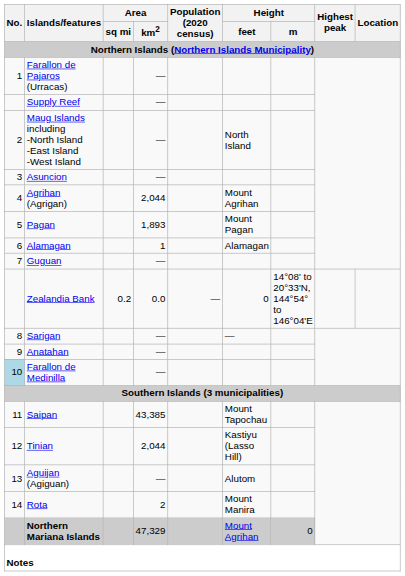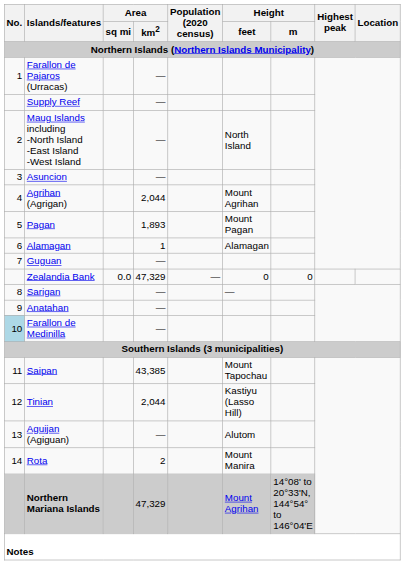 <table class="wikitable">
 <tr>
 <th rowspan="2">No.</th>
 <th rowspan="2">Islands/features</th>
 <th colspan="2">Area</th>
 <th rowspan="2">Population<br>(2020<br>census)</th>
 <th colspan="2">Height</th>
 <th rowspan="2">Highest peak</th>
 <th rowspan="2">Location</th>
 </tr>
 <tr>
 <th>sq mi</th>
 <th>km<sup>2</sup></th>
 <th>feet</th>
 <th>m</th>
 </tr>
 <tr>
 <td colspan="9" style="text-align:center; background:#ccc;"><strong>Northern Islands (<a href='#'>Northern Islands Municipality</a>)</strong></td>
 </tr>
 <tr>
 <td style="text-align:right;">1</td>
 <td><a href='#'>Farallon de Pajaros</a> (Urracas)</td>
 <td></td>
 <td style="text-align:right;">—</td>
 <td></td>
 <td></td>
 <td></td>
 </tr>
 <tr>
 <td style="text-align:right;"></td>
 <td><a href='#'>Supply Reef</a></td>
 <td></td>
 <td style="text-align:right;">—</td>
 <td></td>
 <td></td>
 <td></td>
 </tr>
 <tr>
 <td style="text-align:right;">2</td>
 <td><a href='#'>Maug Islands</a> including<br>-North Island<br>-East Island<br>-West Island</td>
 <td></td>
 <td style="text-align:right;">—</td>
 <td></td>
 <td>North Island</td>
 <td></td>
 </tr>
 <tr>
 <td style="text-align:right;">3</td>
 <td><a href='#'>Asuncion</a></td>
 <td></td>
 <td style="text-align:right;">—</td>
 <td></td>
 <td></td>
 <td></td>
 </tr>
 <tr>
 <td style="text-align:right;">4</td>
 <td><a href='#'>Agrihan</a> (Agrigan)</td>
 <td></td>
 <td style="text-align:right;">2,044</td>
 <td></td>
 <td>Mount Agrihan</td>
 <td></td>
 </tr>
 <tr>
 <td style="text-align:right;">5</td>
 <td><a href='#'>Pagan</a></td>
 <td></td>
 <td style="text-align:right;">1,893</td>
 <td></td>
 <td>Mount Pagan</td>
 <td></td>
 </tr>
 <tr>
 <td style="text-align:right;">6</td>
 <td><a href='#'>Alamagan</a></td>
 <td></td>
 <td style="text-align:right;">1</td>
 <td></td>
 <td>Alamagan</td>
 <td></td>
 </tr>
 <tr>
 <td style="text-align:right;">7</td>
 <td><a href='#'>Guguan</a></td>
 <td></td>
 <td style="text-align:right;">—</td>
 <td></td>
 <td></td>
 <td></td>
 </tr>
 <tr>
 <td style="text-align:right;"></td>
 <td><a href='#'>Zealandia Bank</a></td>
-<td style="text-align:right;">0.2</td>
-<td align="right">0.0</td>
+<td style="text-align:right;">0.0</td>
+<td style="text-align:right;">47,329</td>
 <td align="right">—</td>
 <td align="right">0</td>
-<td>14°08' to 20°33'N,<br>144°54° to 146°04'E</td>
+<td align="right">0</td>
 <td></td>
 <td></td>
 </tr>
 <tr>
 <td style="text-align:right;">8</td>
 <td><a href='#'>Sarigan</a></td>
 <td></td>
 <td style="text-align:right;">—</td>
 <td></td>
 <td>—</td>
 <td></td>
 </tr>
 <tr>
 <td style="text-align:right;">9</td>
 <td><a href='#'>Anatahan</a></td>
 <td></td>
 <td style="text-align:right;">—</td>
 <td></td>
 <td></td>
 <td></td>
 </tr>
 <tr>
 <td style="background: lightblue; text-align:right;">10</td>
 <td><a href='#'>Farallon de Medinilla</a></td>
 <td></td>
 <td style="text-align:right;">—</td>
 <td></td>
 <td></td>
 <td></td>
 </tr>
 <tr>
 <td colspan="9" style="text-align:center; background:#ccc;"><strong>Southern Islands (3 municipalities)</strong></td>
 </tr>
 <tr>
 <td style="text-align:right;">11</td>
 <td><a href='#'>Saipan</a></td>
 <td></td>
 <td style="text-align:right;">43,385</td>
 <td></td>
 <td>Mount Tapochau</td>
 <td></td>
 </tr>
 <tr>
 <td style="text-align:right;">12</td>
 <td><a href='#'>Tinian</a></td>
 <td></td>
 <td style="text-align:right;">2,044</td>
 <td></td>
 <td>Kastiyu (Lasso Hill)</td>
 <td></td>
 </tr>
 <tr>
 <td style="text-align:right;">13</td>
 <td><a href='#'>Aguijan</a> (Agiguan)</td>
 <td></td>
 <td style="text-align:right;">—</td>
 <td></td>
 <td>Alutom</td>
 <td></td>
 </tr>
 <tr>
 <td style="text-align:right;">14</td>
 <td><a href='#'>Rota</a></td>
 <td></td>
 <td style="text-align:right;">2</td>
 <td></td>
 <td>Mount Manira</td>
 <td></td>
 </tr>
 <tr style="background:#ccc;">
 <td></td>
 <td><strong>Northern Mariana Islands</strong></td>
 <td></td>
 <td style="text-align:right;">47,329</td>
 <td></td>
 <td><a href='#'>Mount Agrihan</a></td>
-<td align="right">0</td>
+<td>14°08' to 20°33'N,<br>144°54° to 146°04'E</td>
 </tr>
 <tr>
 <td colspan="9" style="text-align:left; background:#fff;"><br><strong>Notes</strong>   </td>
 </tr>
 </table>
